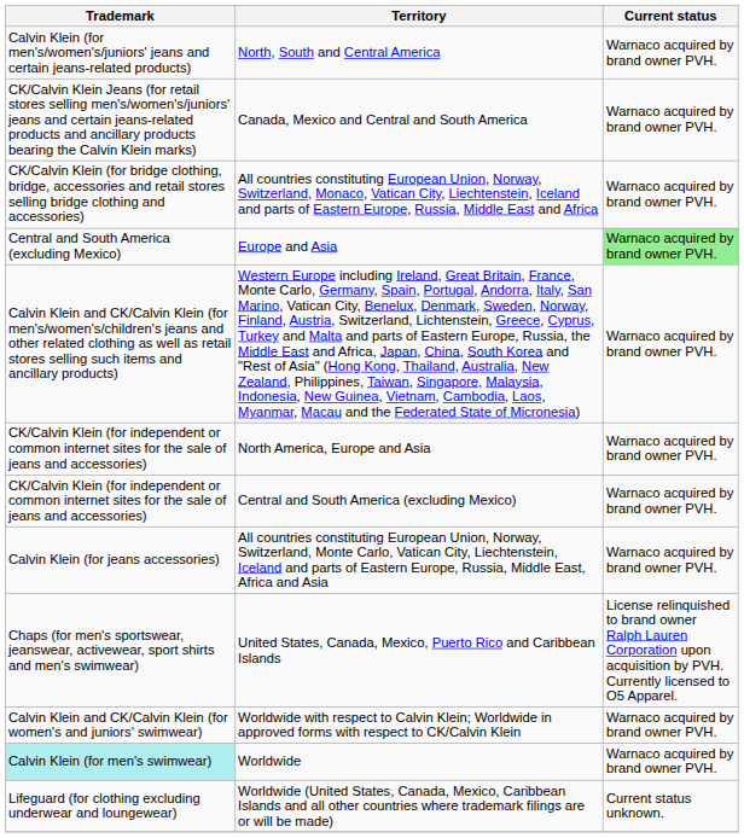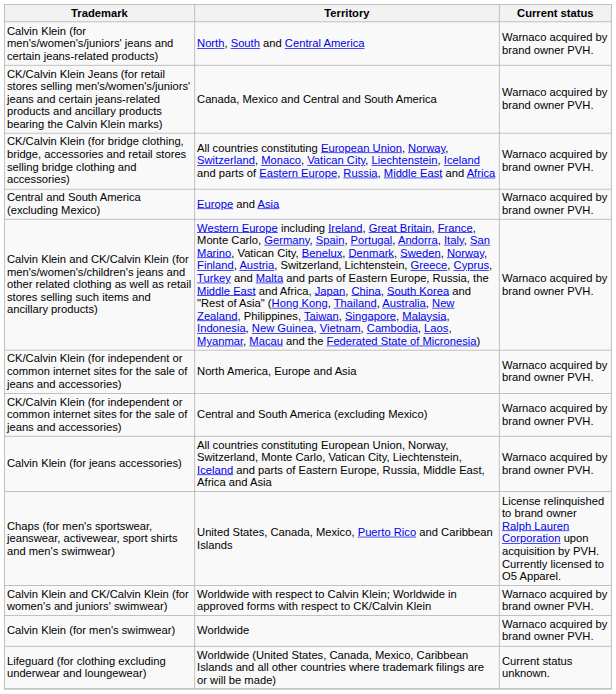 <table class="wikitable">
 <tr>
 <th>Trademark</th>
 <th>Territory</th>
 <th>Current status</th>
 </tr>
 <tr>
 <td>Calvin Klein (for men's/women's/juniors' jeans and certain jeans-related products)</td>
 <td><a href='#'>North</a>, <a href='#'>South</a> and <a href='#'>Central America</a></td>
 <td>Warnaco acquired by brand owner PVH.</td>
 </tr>
 <tr>
 <td>CK/Calvin Klein Jeans (for retail stores selling men's/women's/juniors' jeans and certain jeans-related products and ancillary products bearing the Calvin Klein marks)</td>
 <td>Canada, Mexico and Central and South America</td>
 <td>Warnaco acquired by brand owner PVH.</td>
 </tr>
 <tr>
 <td>CK/Calvin Klein (for bridge clothing, bridge, accessories and retail stores selling bridge clothing and accessories)</td>
 <td>All countries constituting <a href='#'>European Union</a>, <a href='#'>Norway</a>, <a href='#'>Switzerland</a>, <a href='#'>Monaco</a>, <a href='#'>Vatican City</a>, <a href='#'>Liechtenstein</a>, <a href='#'>Iceland</a> and parts of <a href='#'>Eastern Europe</a>, <a href='#'>Russia</a>, <a href='#'>Middle East</a> and <a href='#'>Africa</a></td>
 <td>Warnaco acquired by brand owner PVH.</td>
 </tr>
 <tr>
 <td CK/Calvin Klein (for retail stores selling bridge accessories and jeans accessories)>Central and South America (excluding Mexico)</td>
 <td><a href='#'>Europe</a> and <a href='#'>Asia</a></td>
-<td style="background: lightgreen;">Warnaco acquired by brand owner PVH.</td>
+<td>Warnaco acquired by brand owner PVH.</td>
 </tr>
 <tr>
 <td>Calvin Klein and CK/Calvin Klein (for men's/women's/children's jeans and other related clothing as well as retail stores selling such items and ancillary products)</td>
 <td><a href='#'>Western Europe</a> including <a href='#'>Ireland</a>, <a href='#'>Great Britain</a>, <a href='#'>France</a>, Monte Carlo, <a href='#'>Germany</a>, <a href='#'>Spain</a>, <a href='#'>Portugal</a>, <a href='#'>Andorra</a>, <a href='#'>Italy</a>, <a href='#'>San Marino</a>, Vatican City, <a href='#'>Benelux</a>, <a href='#'>Denmark</a>, <a href='#'>Sweden</a>, <a href='#'>Norway</a>, <a href='#'>Finland</a>, <a href='#'>Austria</a>, Switzerland, Lichtenstein, <a href='#'>Greece</a>, <a href='#'>Cyprus</a>, <a href='#'>Turkey</a> and <a href='#'>Malta</a> and parts of Eastern Europe, Russia, the <a href='#'>Middle East</a> and Africa, <a href='#'>Japan</a>, <a href='#'>China</a>, <a href='#'>South Korea</a> and "Rest of Asia" (<a href='#'>Hong Kong</a>, <a href='#'>Thailand</a>, <a href='#'>Australia</a>, <a href='#'>New Zealand</a>, Philippines, <a href='#'>Taiwan</a>, <a href='#'>Singapore</a>, <a href='#'>Malaysia</a>, <a href='#'>Indonesia</a>, <a href='#'>New Guinea</a>, <a href='#'>Vietnam</a>, <a href='#'>Cambodia</a>, <a href='#'>Laos</a>, <a href='#'>Myanmar</a>, <a href='#'>Macau</a> and the <a href='#'>Federated State of Micronesia</a>)</td>
 <td>Warnaco acquired by brand owner PVH.</td>
 </tr>
 <tr>
 <td>CK/Calvin Klein (for independent or common internet sites for the sale of jeans and accessories)</td>
 <td>North America, Europe and Asia</td>
 <td>Warnaco acquired by brand owner PVH.</td>
 </tr>
 <tr>
 <td>CK/Calvin Klein (for independent or common internet sites for the sale of jeans and accessories)</td>
 <td>Central and South America (excluding Mexico)</td>
 <td>Warnaco acquired by brand owner PVH.</td>
 </tr>
 <tr>
 <td>Calvin Klein (for jeans accessories)</td>
 <td>All countries constituting European Union, Norway, Switzerland, Monte Carlo, Vatican City, Liechtenstein, <a href='#'>Iceland</a> and parts of Eastern Europe, Russia, Middle East, Africa and Asia</td>
 <td>Warnaco acquired by brand owner PVH.</td>
 </tr>
 <tr>
 <td>Chaps (for men's sportswear, jeanswear, activewear, sport shirts and men's swimwear)</td>
 <td>United States, Canada, Mexico, <a href='#'>Puerto Rico</a> and Caribbean Islands</td>
 <td>License relinquished to brand owner <a href='#'>Ralph Lauren Corporation</a> upon acquisition by PVH. Currently licensed to O5 Apparel.</td>
 </tr>
 <tr>
 <td>Calvin Klein and CK/Calvin Klein (for women's and juniors' swimwear)</td>
 <td>Worldwide with respect to Calvin Klein; Worldwide in approved forms with respect to CK/Calvin Klein</td>
 <td>Warnaco acquired by brand owner PVH.</td>
 </tr>
 <tr>
-<td style="background: paleturquoise;">Calvin Klein (for men's swimwear)</td>
+<td>Calvin Klein (for men's swimwear)</td>
 <td>Worldwide</td>
 <td>Warnaco acquired by brand owner PVH.</td>
 </tr>
 <tr>
 <td>Lifeguard (for clothing excluding underwear and loungewear)</td>
 <td>Worldwide (United States, Canada, Mexico, Caribbean Islands and all other countries where trademark filings are or will be made)</td>
 <td>Current status unknown.</td>
 </tr>
 <tr>
 </tr>
 </table>
